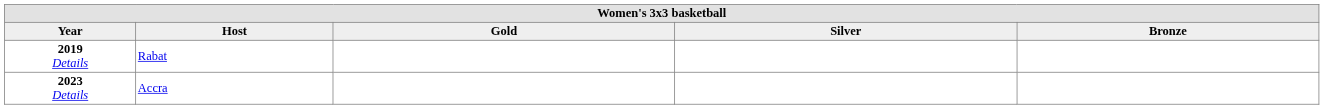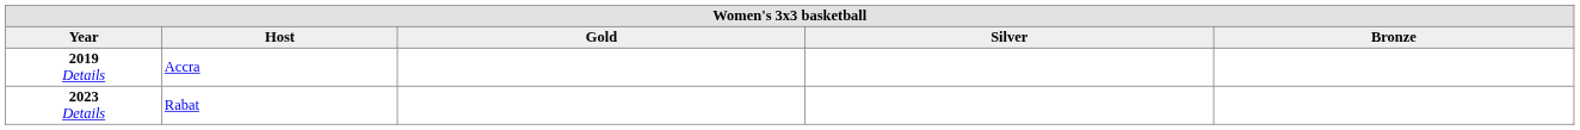 <table class="toccolours" border="1" cellpadding="2" style="border-collapse: collapse; text-align: center; width: 85%; margin: 0 auto;">
 <tr style= "background: #e2e2e2;">
 <th colspan=6 width=100%>Women's 3x3 basketball</th>
 </tr>
 <tr style="background: #efefef;">
 <th width=10%>Year</th>
 <th width=15%>Host</th>
 <th width=26%> Gold</th>
 <th width=26%> Silver</th>
 <th width=26%> Bronze</th>
 </tr>
 <tr>
 <td><strong>2019</strong><br><em><a href='#'>Details</a></em></td>
-<td align=left> <a href='#'>Rabat</a></td>
+<td align=left> <a href='#'>Accra</a></td>
 <td><strong></strong></td>
 <td></td>
 <td></td>
 </tr>
 <tr>
 <td><strong>2023</strong><br><em><a href='#'>Details</a></em></td>
-<td align=left> <a href='#'>Accra</a></td>
+<td align=left> <a href='#'>Rabat</a></td>
 <td><strong></strong></td>
 <td></td>
 <td></td>
 </tr>
 </table>
